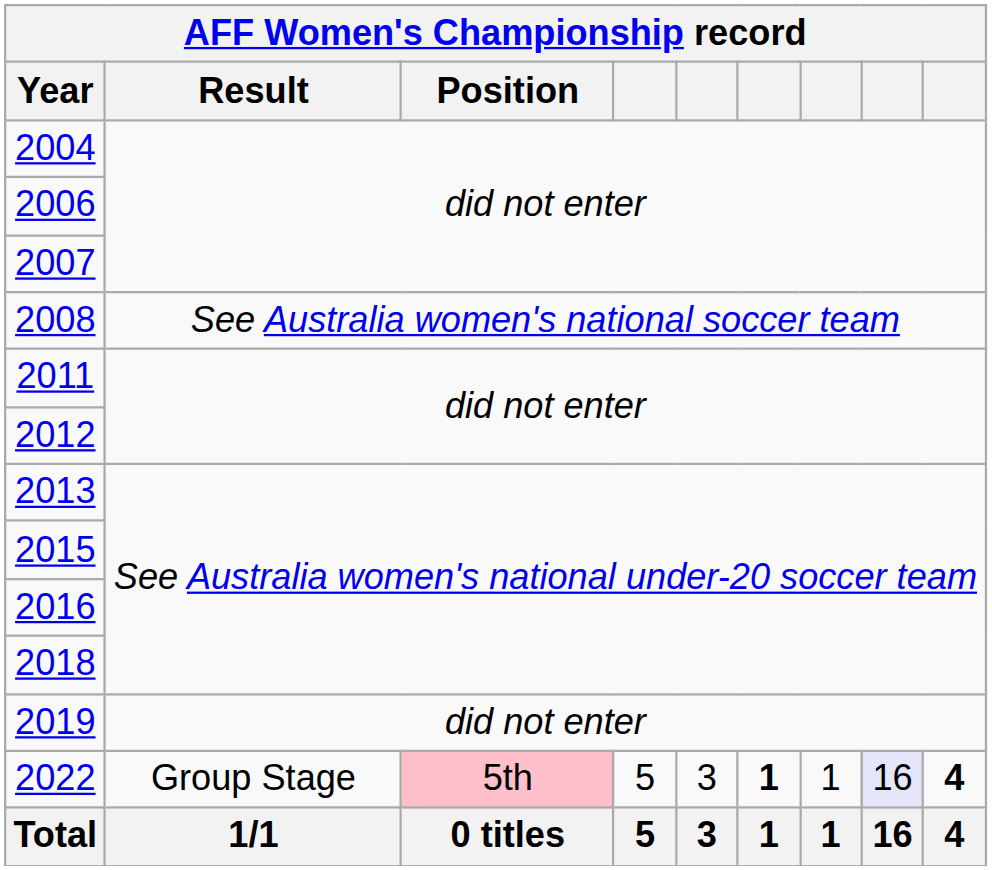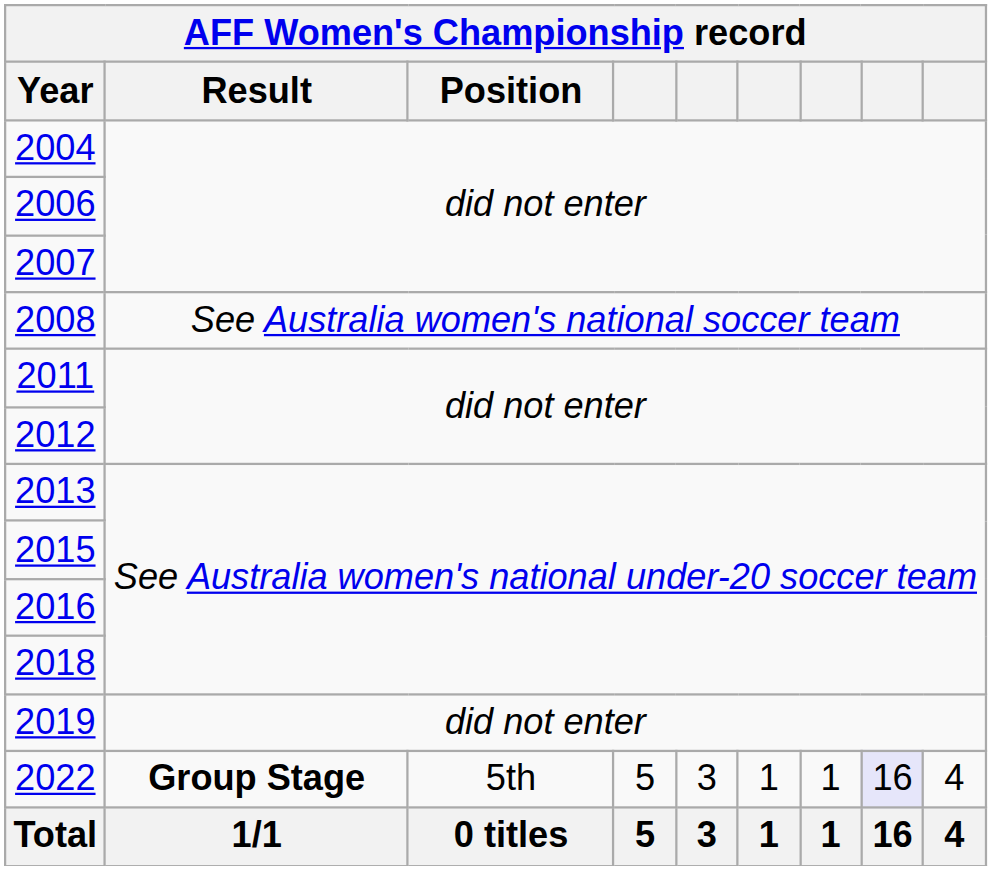 <table class="wikitable" style="text-align: center;">
 <tr>
 <th colspan=9><a href='#'>AFF Women's Championship</a> record</th>
 </tr>
 <tr>
 <th>Year</th>
 <th>Result</th>
 <th>Position</th>
 <th width="20"></th>
 <th width="20"></th>
 <th width="20"></th>
 <th width="20"></th>
 <th width="20"></th>
 <th width="20"></th>
 </tr>
 <tr>
 <td> <a href='#'>2004</a></td>
 <td rowspan=3 colspan=8><em>did not enter</em></td>
 </tr>
 <tr>
 <td> <a href='#'>2006</a></td>
 </tr>
 <tr>
 <td> <a href='#'>2007</a></td>
 </tr>
 <tr>
 <td> <a href='#'>2008</a></td>
 <td colspan=8><em>See <a href='#'>Australia women's national soccer team</a></em></td>
 </tr>
 <tr>
 <td> <a href='#'>2011</a></td>
 <td rowspan=2 colspan=8><em>did not enter</em></td>
 </tr>
 <tr>
 <td> <a href='#'>2012</a></td>
 </tr>
 <tr>
 <td> <a href='#'>2013</a></td>
 <td rowspan=4 colspan=8><em>See <a href='#'>Australia women's national under-20 soccer team</a></em></td>
 </tr>
 <tr>
 <td> <a href='#'>2015</a></td>
 </tr>
 <tr>
 <td> <a href='#'>2016</a></td>
 </tr>
 <tr>
 <td> <a href='#'>2018</a></td>
 </tr>
 <tr>
 <td> <a href='#'>2019</a></td>
 <td colspan=8><em>did not enter</em></td>
 </tr>
 <tr>
 <td> <a href='#'>2022</a></td>
-<td>Group Stage</td>
-<td style="background: pink;">5th</td>
+<td><strong>Group Stage</strong></td>
+<td>5th</td>
 <td>5</td>
 <td>3</td>
-<td><strong>1</strong></td>
+<td>1</td>
 <td>1</td>
 <td style="background: lavender;">16</td>
-<td><strong>4</strong></td>
+<td>4</td>
 </tr>
 <tr>
 <th>Total</th>
 <th>1/1</th>
 <th>0 titles</th>
 <th>5</th>
 <th>3</th>
 <th>1</th>
 <th>1</th>
 <th>16</th>
 <th>4</th>
 </tr>
 </table>
